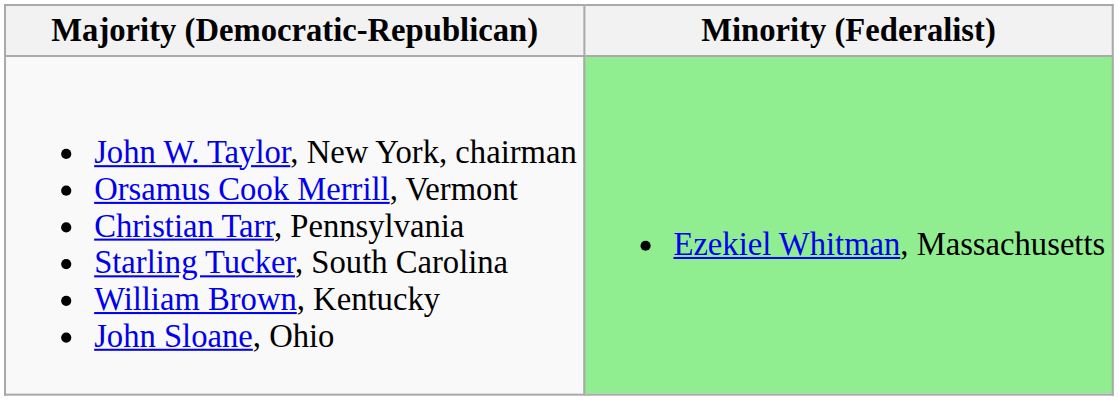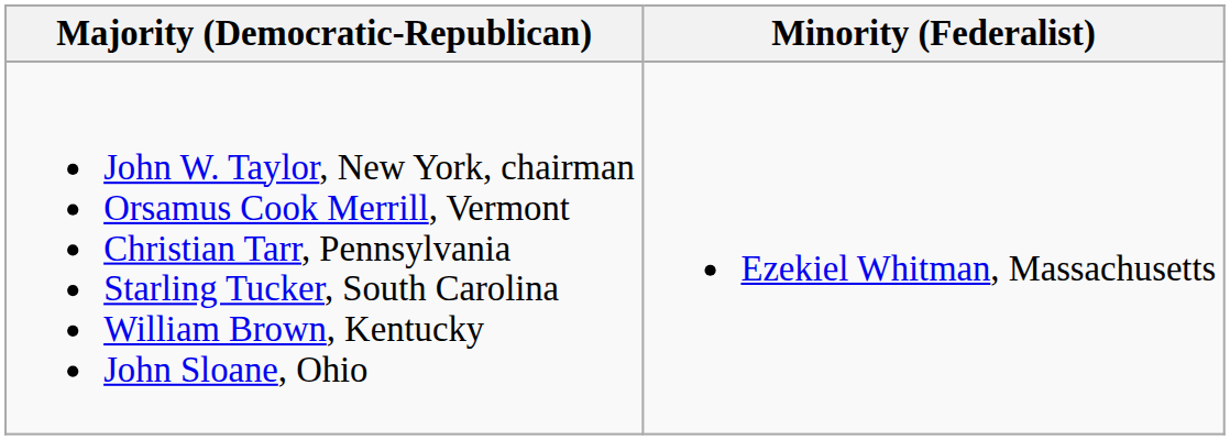 <table class=wikitable>
 <tr>
 <th>Majority (Democratic-Republican)</th>
 <th>Minority (Federalist)</th>
 </tr>
 <tr>
 <td><br><ul><li><a href='#'>John W. Taylor</a>, New York, chairman</li><li><a href='#'>Orsamus Cook Merrill</a>, Vermont</li><li><a href='#'>Christian Tarr</a>, Pennsylvania</li><li><a href='#'>Starling Tucker</a>, South Carolina</li><li><a href='#'>William Brown</a>, Kentucky</li><li><a href='#'>John Sloane</a>, Ohio</li></ul></td>
-<td style="background: lightgreen;"><br><ul><li><a href='#'>Ezekiel Whitman</a>, Massachusetts</li></ul></td>
+<td><br><ul><li><a href='#'>Ezekiel Whitman</a>, Massachusetts</li></ul></td>
 </tr>
 </table>
